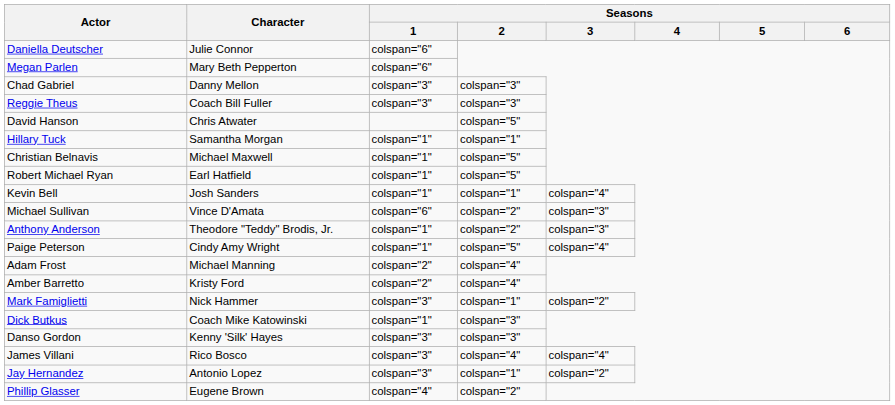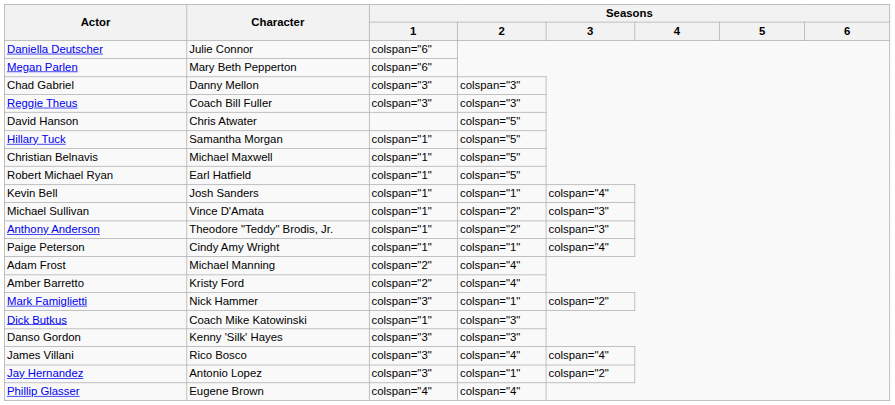 <table class="wikitable plainrowheaders">
 <tr>
 <th scope="col" rowspan="2" style="width:15%;">Actor</th>
 <th scope="col" rowspan="2" style="width:15%;">Character</th>
 <th scope="col" colspan="6" style="width:35%;">Seasons<br></th>
 </tr>
 <tr>
 <th scope="col" style="width:7%;">1</th>
 <th scope="col" style="width:7%;">2</th>
 <th scope="col" style="width:7%;">3</th>
 <th scope="col" style="width:7%;">4</th>
 <th scope="col" style="width:7%;">5</th>
 <th scope="col" style="width:7%;">6</th>
 </tr>
 <tr>
 <td scope="row"><a href='#'>Daniella Deutscher</a></td>
 <td>Julie Connor</td>
 <td>colspan="6" </td>
 </tr>
 <tr>
 <td scope="row"><a href='#'>Megan Parlen</a></td>
 <td>Mary Beth Pepperton</td>
 <td>colspan="6" </td>
 </tr>
 <tr>
 <td scope="row">Chad Gabriel</td>
 <td>Danny Mellon</td>
 <td>colspan="3" </td>
 <td>colspan="3" </td>
 </tr>
 <tr>
 <td scope="row"><a href='#'>Reggie Theus</a></td>
 <td>Coach Bill Fuller</td>
 <td>colspan="3" </td>
 <td>colspan="3" </td>
 </tr>
 <tr>
 <td scope="row">David Hanson</td>
 <td>Chris Atwater</td>
 <td></td>
 <td>colspan="5" </td>
 </tr>
 <tr>
 <td scope="row"><a href='#'>Hillary Tuck</a></td>
 <td>Samantha Morgan</td>
 <td>colspan="1" </td>
-<td>colspan="1" </td>
+<td>colspan="5" </td>
 </tr>
 <tr>
 <td scope="row">Christian Belnavis</td>
 <td>Michael Maxwell</td>
 <td>colspan="1" </td>
 <td>colspan="5" </td>
 </tr>
 <tr>
 <td scope="row">Robert Michael Ryan</td>
 <td>Earl Hatfield</td>
 <td>colspan="1" </td>
 <td>colspan="5" </td>
 </tr>
 <tr>
 <td scope="row">Kevin Bell</td>
 <td>Josh Sanders</td>
 <td>colspan="1" </td>
 <td>colspan="1" </td>
 <td>colspan="4" </td>
 </tr>
 <tr>
 <td scope="row">Michael Sullivan</td>
 <td>Vince D'Amata</td>
-<td>colspan="6" </td>
+<td>colspan="1" </td>
 <td>colspan="2" </td>
 <td>colspan="3" </td>
 </tr>
 <tr>
 <td scope="row"><a href='#'>Anthony Anderson</a></td>
 <td>Theodore "Teddy" Brodis, Jr.</td>
 <td>colspan="1" </td>
 <td>colspan="2" </td>
 <td>colspan="3" </td>
 </tr>
 <tr>
 <td scope="row">Paige Peterson</td>
 <td>Cindy Amy Wright</td>
 <td>colspan="1" </td>
-<td>colspan="5" </td>
+<td>colspan="1" </td>
 <td>colspan="4" </td>
 </tr>
 <tr>
 <td scope="row">Adam Frost</td>
 <td>Michael Manning</td>
 <td>colspan="2" </td>
 <td>colspan="4" </td>
 </tr>
 <tr>
 <td scope="row">Amber Barretto</td>
 <td>Kristy Ford</td>
 <td>colspan="2" </td>
 <td>colspan="4" </td>
 </tr>
 <tr>
 <td scope="row"><a href='#'>Mark Famiglietti</a></td>
 <td>Nick Hammer</td>
 <td>colspan="3" </td>
 <td>colspan="1" </td>
 <td>colspan="2" </td>
 </tr>
 <tr>
 <td scope="row"><a href='#'>Dick Butkus</a></td>
 <td>Coach Mike Katowinski</td>
 <td>colspan="1" </td>
 <td>colspan="3" </td>
 </tr>
 <tr>
 <td scope="row">Danso Gordon</td>
 <td>Kenny 'Silk' Hayes</td>
 <td>colspan="3" </td>
 <td>colspan="3" </td>
 </tr>
 <tr>
 <td scope="row">James Villani</td>
 <td>Rico Bosco</td>
 <td>colspan="3" </td>
 <td>colspan="4" </td>
 <td>colspan="4" </td>
 </tr>
 <tr>
 <td scope="row"><a href='#'>Jay Hernandez</a></td>
 <td>Antonio Lopez</td>
 <td>colspan="3" </td>
 <td>colspan="1" </td>
 <td>colspan="2" </td>
 </tr>
 <tr>
 <td scope="row"><a href='#'>Phillip Glasser</a></td>
 <td>Eugene Brown</td>
 <td>colspan="4" </td>
-<td>colspan="2" </td>
+<td>colspan="4" </td>
 </tr>
 </table>
